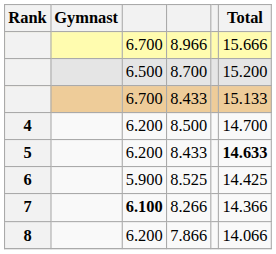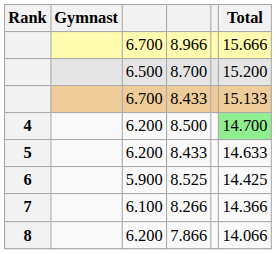 <table class="wikitable sortable" style="text-align:center; font-size:95%">
 <tr>
 <th scope=col>Rank</th>
 <th scope=col>Gymnast</th>
 <th scope=col></th>
 <th scope=col></th>
 <th scope=col></th>
 <th scope=col>Total</th>
 </tr>
 <tr bgcolor=fffcaf>
 <th scope=row style="text-align:center"></th>
 <td align=left></td>
 <td>6.700</td>
 <td>8.966</td>
 <td></td>
 <td>15.666</td>
 </tr>
 <tr bgcolor=e5e5e5>
 <th scope=row style="text-align:center"></th>
 <td align=left></td>
 <td>6.500</td>
 <td>8.700</td>
 <td></td>
 <td>15.200</td>
 </tr>
 <tr bgcolor=eecc99>
 <th scope=row style="text-align:center"></th>
 <td align=left></td>
 <td>6.700</td>
 <td>8.433</td>
 <td></td>
 <td>15.133</td>
 </tr>
 <tr>
 <th scope=row style="text-align:center">4</th>
 <td align=left></td>
 <td>6.200</td>
 <td>8.500</td>
 <td></td>
-<td>14.700</td>
+<td style="background: lightgreen;">14.700</td>
 </tr>
 <tr>
 <th scope=row style="text-align:center">5</th>
 <td align=left></td>
 <td>6.200</td>
 <td>8.433</td>
 <td></td>
-<td><strong>14.633</strong></td>
+<td>14.633</td>
 </tr>
 <tr>
 <th scope=row style="text-align:center">6</th>
 <td align=left></td>
 <td>5.900</td>
 <td>8.525</td>
 <td></td>
 <td>14.425</td>
 </tr>
 <tr>
 <th scope=row style="text-align:center">7</th>
 <td align=left></td>
-<td><strong>6.100</strong></td>
+<td>6.100</td>
 <td>8.266</td>
 <td></td>
 <td>14.366</td>
 </tr>
 <tr>
 <th scope=row style="text-align:center">8</th>
 <td align=left></td>
 <td>6.200</td>
 <td>7.866</td>
 <td></td>
 <td>14.066</td>
 </tr>
 <tr>
 </tr>
 </table>
